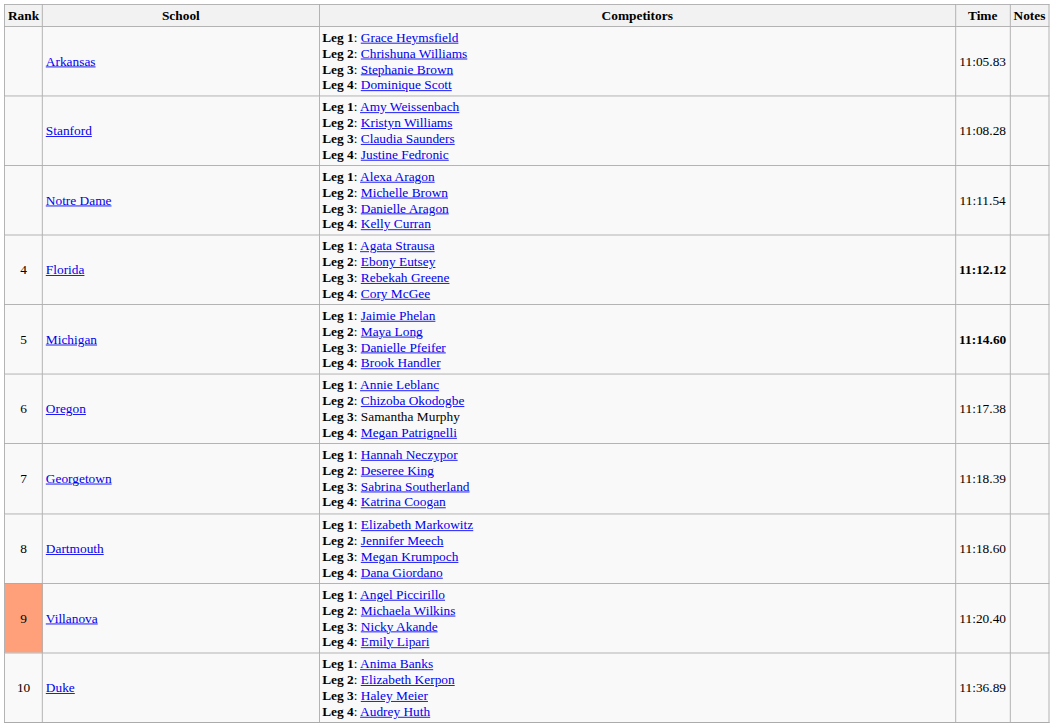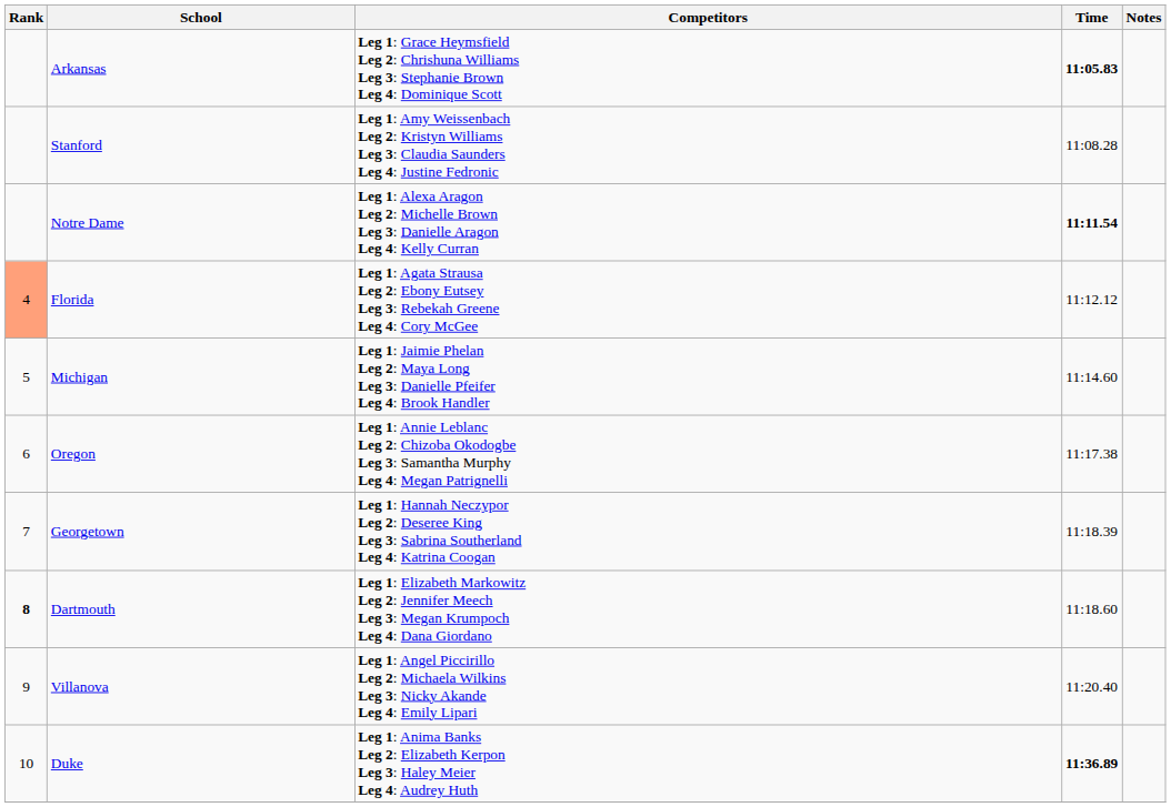 <table class="wikitable sortable" width=75% style="text-align:center; font-size:95%">
 <tr>
 <th width=15>Rank</th>
 <th width=300>School</th>
 <th width=700>Competitors</th>
 <th width=15>Time</th>
 <th width=15>Notes</th>
 </tr>
 <tr>
 <td></td>
 <td align=left><a href='#'>Arkansas</a></td>
 <td align=left><strong>Leg 1</strong>: <a href='#'>Grace Heymsfield</a> <br> <strong>Leg 2</strong>: <a href='#'>Chrishuna Williams</a> <br> <strong>Leg 3</strong>: <a href='#'>Stephanie Brown</a> <br> <strong>Leg 4</strong>: <a href='#'>Dominique Scott</a></td>
-<td>11:05.83</td>
+<td><strong>11:05.83</strong></td>
 <td></td>
 </tr>
 <tr>
 <td></td>
 <td align=left><a href='#'>Stanford</a></td>
 <td align=left><strong>Leg 1</strong>: <a href='#'>Amy Weissenbach</a> <br> <strong>Leg 2</strong>: <a href='#'>Kristyn Williams</a> <br> <strong>Leg 3</strong>: <a href='#'>Claudia Saunders</a> <br> <strong>Leg 4</strong>: <a href='#'>Justine Fedronic</a> </td>
 <td>11:08.28</td>
 <td></td>
 </tr>
 <tr>
 <td></td>
 <td align=left><a href='#'>Notre Dame</a></td>
 <td align=left><strong>Leg 1</strong>: <a href='#'>Alexa Aragon</a> <br> <strong>Leg 2</strong>: <a href='#'>Michelle Brown</a> <br> <strong>Leg 3</strong>: <a href='#'>Danielle Aragon</a> <br> <strong>Leg 4</strong>: <a href='#'>Kelly Curran</a></td>
-<td>11:11.54</td>
+<td><strong>11:11.54</strong></td>
 <td></td>
 </tr>
 <tr>
-<td>4</td>
+<td style="background: lightsalmon;">4</td>
 <td align=left><a href='#'>Florida</a></td>
 <td align=left><strong>Leg 1</strong>: <a href='#'>Agata Strausa</a> <br> <strong>Leg 2</strong>: <a href='#'>Ebony Eutsey</a> <br> <strong>Leg 3</strong>: <a href='#'>Rebekah Greene</a> <br> <strong>Leg 4</strong>: <a href='#'>Cory McGee</a></td>
-<td><strong>11:12.12</strong></td>
+<td>11:12.12</td>
 <td></td>
 </tr>
 <tr>
 <td>5</td>
 <td align=left><a href='#'>Michigan</a></td>
 <td align=left><strong>Leg 1</strong>: <a href='#'>Jaimie Phelan</a> <br> <strong>Leg 2</strong>: <a href='#'>Maya Long</a> <br> <strong>Leg 3</strong>: <a href='#'>Danielle Pfeifer</a> <br> <strong>Leg 4</strong>: <a href='#'>Brook Handler</a></td>
-<td><strong>11:14.60</strong></td>
+<td>11:14.60</td>
 <td></td>
 </tr>
 <tr>
 <td>6</td>
 <td align=left><a href='#'>Oregon</a></td>
 <td align=left><strong>Leg 1</strong>: <a href='#'>Annie Leblanc</a> <br> <strong>Leg 2</strong>: <a href='#'>Chizoba Okodogbe</a> <br> <strong>Leg 3</strong>: Samantha Murphy <br> <strong>Leg 4</strong>: <a href='#'>Megan Patrignelli</a></td>
 <td>11:17.38</td>
 <td></td>
 </tr>
 <tr>
 <td>7</td>
 <td align=left><a href='#'>Georgetown</a></td>
 <td align=left><strong>Leg 1</strong>: <a href='#'>Hannah Neczypor</a> <br> <strong>Leg 2</strong>: <a href='#'>Deseree King</a> <br> <strong>Leg 3</strong>: <a href='#'>Sabrina Southerland</a> <br> <strong>Leg 4</strong>: <a href='#'>Katrina Coogan</a></td>
 <td>11:18.39</td>
 <td></td>
 </tr>
 <tr>
-<td>8</td>
+<td><strong>8</strong></td>
 <td align=left><a href='#'>Dartmouth</a></td>
 <td align=left><strong>Leg 1</strong>: <a href='#'>Elizabeth Markowitz</a> <br> <strong>Leg 2</strong>: <a href='#'>Jennifer Meech</a> <br> <strong>Leg 3</strong>: <a href='#'>Megan Krumpoch</a> <br> <strong>Leg 4</strong>: <a href='#'>Dana Giordano</a></td>
 <td>11:18.60</td>
 <td></td>
 </tr>
 <tr>
-<td style="background: lightsalmon;">9</td>
+<td>9</td>
 <td align=left><a href='#'>Villanova</a></td>
 <td align=left><strong>Leg 1</strong>: <a href='#'>Angel Piccirillo</a> <br> <strong>Leg 2</strong>: <a href='#'>Michaela Wilkins</a> <br> <strong>Leg 3</strong>: <a href='#'>Nicky Akande</a> <br> <strong>Leg 4</strong>: <a href='#'>Emily Lipari</a></td>
 <td>11:20.40</td>
 <td></td>
 </tr>
 <tr>
 <td>10</td>
 <td align=left><a href='#'>Duke</a></td>
 <td align=left><strong>Leg 1</strong>: <a href='#'>Anima Banks</a> <br> <strong>Leg 2</strong>: <a href='#'>Elizabeth Kerpon</a> <br> <strong>Leg 3</strong>: <a href='#'>Haley Meier</a> <br> <strong>Leg 4</strong>: <a href='#'>Audrey Huth</a></td>
-<td>11:36.89</td>
+<td><strong>11:36.89</strong></td>
 <td></td>
 </tr>
 <tr>
 </tr>
 </table>
